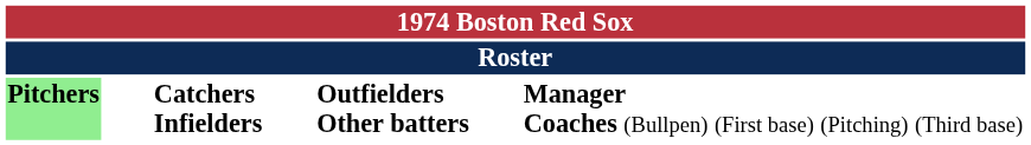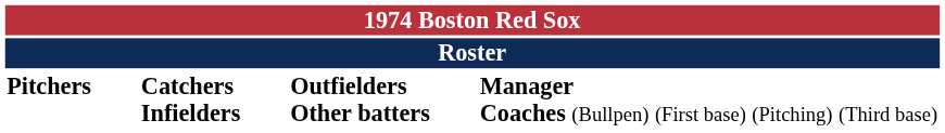 <table class="toccolours" style="text-align: left;">
 <tr>
 <th colspan="10" style="background-color: #ba313c; color: white; text-align: center;">1974 Boston Red Sox</th>
 </tr>
 <tr>
 <td colspan="10" style="background-color: #0d2b56; color: white; text-align: center;"><strong>Roster</strong></td>
 </tr>
 <tr>
-<td valign="top" style="background: lightgreen;"><strong>Pitchers</strong><br>            </td>
+<td valign="top"><strong>Pitchers</strong><br>            </td>
 <td width="25px"></td>
 <td valign="top"><strong>Catchers</strong><br>     <strong>Infielders</strong>           </td>
 <td width="25px"></td>
 <td valign="top"><strong>Outfielders</strong><br>       <strong>Other batters</strong> </td>
 <td width="25px"></td>
 <td valign="top"><strong>Manager</strong><br> <strong>Coaches</strong>  <small>(Bullpen)</small>  <small>(First base)</small>  <small>(Pitching)</small>  <small>(Third base)</small></td>
 </tr>
 <tr>
 </tr>
 </table>
